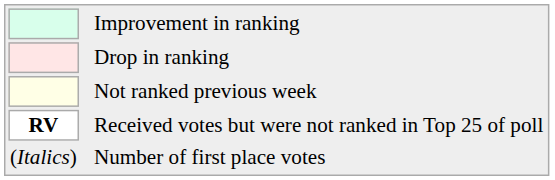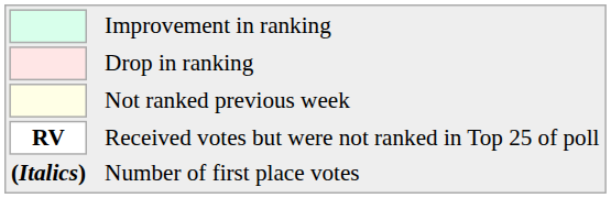 <table align=left style="font-size:90%; border:1px solid #aaaaaa; white-space:nowrap; background:#eeeeee;">
 <tr>
 <td style="background:#d8ffeb; width:20px; border:1px solid #aaaaaa;"> </td>
 <td rowspan=5> </td>
 <td>Improvement in ranking</td>
 </tr>
 <tr>
 <td style="background:#ffe6e6; width:20px; border:1px solid #aaaaaa;"> </td>
 <td>Drop in ranking</td>
 </tr>
 <tr>
 <td style="background:#ffffe6; width:20px; border:1px solid #aaaaaa;"> </td>
 <td>Not ranked previous week</td>
 </tr>
 <tr>
 <td align=center style="width:20px; border:1px solid #aaaaaa; background:white;"><strong>RV</strong></td>
 <td>Received votes but were not ranked in Top 25 of poll</td>
 </tr>
 <tr>
-<td>(<em>Italics</em>)</td>
+<td><strong>(<em>Italics</em>)</strong></td>
 <td>Number of first place votes</td>
 </tr>
 </table>
